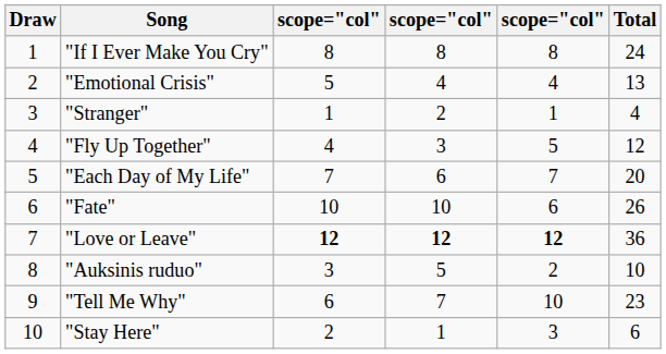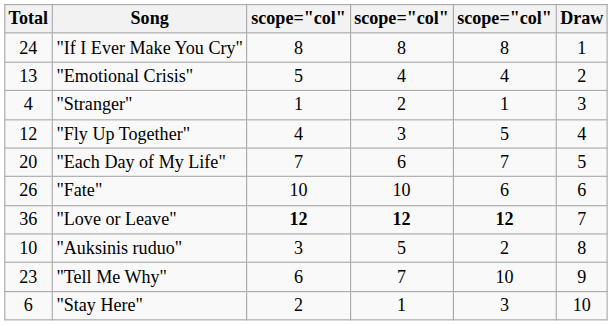 <table class="wikitable collapsible" style="margin: 1em auto 1em auto; text-align:center;">
 <tr>
-<th>Draw</th>
+<th>Total</th>
 <th>Song</th>
 <th>scope="col" </th>
 <th>scope="col" </th>
 <th>scope="col" </th>
-<th>Total</th>
+<th>Draw</th>
 </tr>
 <tr>
-<td>1</td>
+<td>24</td>
 <td align="left">"If I Ever Make You Cry"</td>
 <td>8</td>
 <td>8</td>
 <td>8</td>
-<td>24</td>
+<td>1</td>
 </tr>
 <tr>
-<td>2</td>
+<td>13</td>
 <td align="left">"Emotional Crisis"</td>
 <td>5</td>
 <td>4</td>
 <td>4</td>
-<td>13</td>
+<td>2</td>
 </tr>
 <tr>
-<td>3</td>
+<td>4</td>
 <td align="left">"Stranger"</td>
 <td>1</td>
 <td>2</td>
 <td>1</td>
-<td>4</td>
+<td>3</td>
 </tr>
 <tr>
-<td>4</td>
+<td>12</td>
 <td align="left">"Fly Up Together"</td>
 <td>4</td>
 <td>3</td>
 <td>5</td>
-<td>12</td>
+<td>4</td>
 </tr>
 <tr>
-<td>5</td>
+<td>20</td>
 <td align="left">"Each Day of My Life"</td>
 <td>7</td>
 <td>6</td>
 <td>7</td>
-<td>20</td>
+<td>5</td>
 </tr>
 <tr>
-<td>6</td>
+<td>26</td>
 <td align="left">"Fate"</td>
 <td>10</td>
 <td>10</td>
 <td>6</td>
-<td>26</td>
+<td>6</td>
 </tr>
 <tr>
-<td>7</td>
+<td>36</td>
 <td align="left">"Love or Leave"</td>
 <td><strong>12</strong></td>
 <td><strong>12</strong></td>
 <td><strong>12</strong></td>
-<td>36</td>
+<td>7</td>
 </tr>
 <tr>
-<td>8</td>
+<td>10</td>
 <td align="left">"Auksinis ruduo"</td>
 <td>3</td>
 <td>5</td>
 <td>2</td>
-<td>10</td>
+<td>8</td>
 </tr>
 <tr>
-<td>9</td>
+<td>23</td>
 <td align="left">"Tell Me Why"</td>
 <td>6</td>
 <td>7</td>
 <td>10</td>
-<td>23</td>
+<td>9</td>
 </tr>
 <tr>
-<td>10</td>
+<td>6</td>
 <td align="left">"Stay Here"</td>
 <td>2</td>
 <td>1</td>
 <td>3</td>
-<td>6</td>
+<td>10</td>
 </tr>
 </table>
